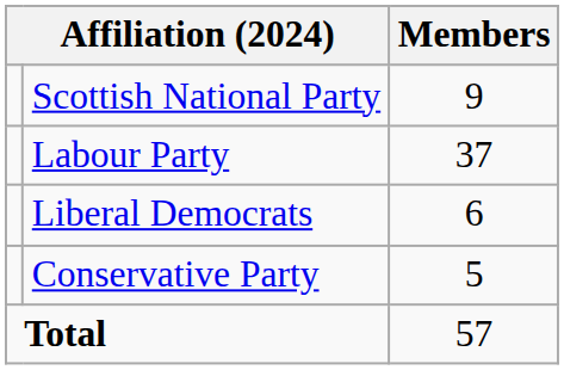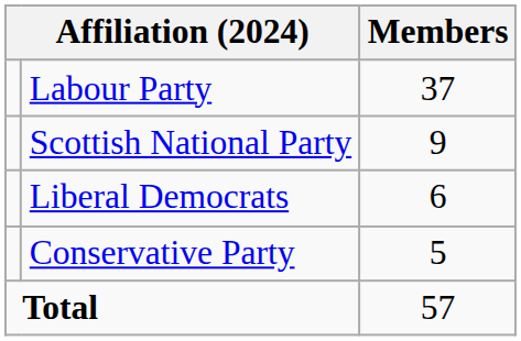 <table class="wikitable">
 <tr>
 <th colspan="2">Affiliation (2024)</th>
 <th>Members</th>
 </tr>
 <tr>
 <td style="color:inherit;background:"></td>
-<td><a href='#'>Scottish National Party</a></td>
-<td style="text-align:center;">9</td>
+<td><a href='#'>Labour Party</a></td>
+<td style="text-align:center;">37</td>
 </tr>
 <tr>
 <td style="color:inherit;background:"></td>
-<td><a href='#'>Labour Party</a></td>
-<td style="text-align:center;">37</td>
+<td><a href='#'>Scottish National Party</a></td>
+<td style="text-align:center;">9</td>
 </tr>
 <tr>
 <td style="color:inherit;background:"></td>
 <td><a href='#'>Liberal Democrats</a></td>
 <td style="text-align:center;">6</td>
 </tr>
 <tr>
 <td style="color:inherit;background:"></td>
 <td><a href='#'>Conservative Party</a></td>
 <td style="text-align:center;">5</td>
 </tr>
 <tr>
 <td colspan="2" rowspan="1"> <strong>Total</strong></td>
 <td align="center">57</td>
 </tr>
 </table>
